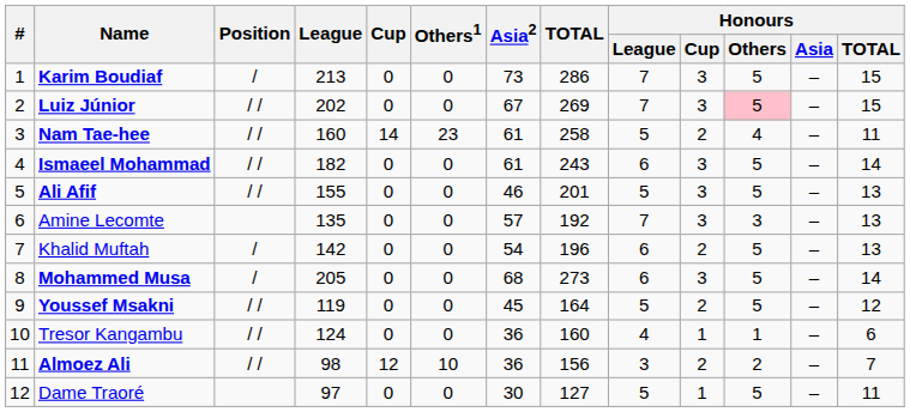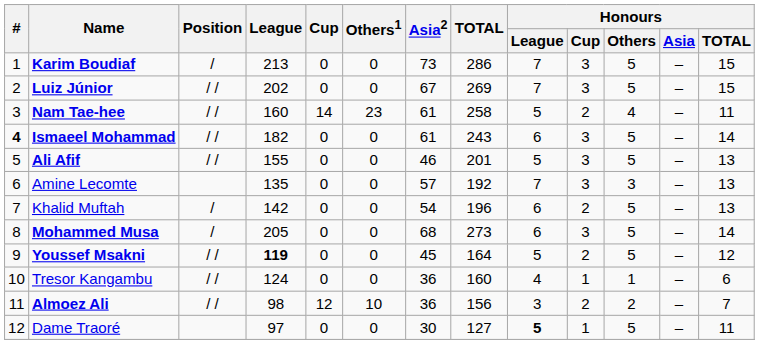 <table class="wikitable plainrowheaders sortable" style="text-align:center;font-size:90%">
 <tr>
 <th rowspan=2>#</th>
 <th rowspan=2>Name</th>
 <th rowspan=2>Position</th>
 <th rowspan=2>League</th>
 <th rowspan=2>Cup</th>
 <th rowspan=2>Others<sup>1</sup><br></th>
 <th rowspan=2><a href='#'>Asia</a><sup>2</sup><br></th>
 <th rowspan=2>TOTAL</th>
 <th colspan=6>Honours</th>
 </tr>
 <tr>
 <th>League</th>
 <th>Cup</th>
 <th>Others</th>
 <th><a href='#'>Asia</a></th>
 <th>TOTAL</th>
 </tr>
 <tr>
 <td>1</td>
 <td align="left"> <strong><a href='#'>Karim Boudiaf</a></strong></td>
 <td> / </td>
 <td>213</td>
 <td>0</td>
 <td>0</td>
 <td>73</td>
 <td>286</td>
 <td>7</td>
 <td>3</td>
 <td>5</td>
 <td>–</td>
 <td>15</td>
 </tr>
 <tr>
 <td>2</td>
 <td align="left"> <strong><a href='#'>Luiz Júnior</a></strong></td>
 <td> /  / </td>
 <td>202</td>
 <td>0</td>
 <td>0</td>
 <td>67</td>
 <td>269</td>
 <td>7</td>
 <td>3</td>
-<td style="background: pink;">5</td>
+<td>5</td>
 <td>–</td>
 <td>15</td>
 </tr>
 <tr>
 <td>3</td>
 <td align="left"> <strong><a href='#'>Nam Tae-hee</a></strong></td>
 <td> /  / </td>
 <td>160</td>
 <td>14</td>
 <td>23</td>
 <td>61</td>
 <td>258</td>
 <td>5</td>
 <td>2</td>
 <td>4</td>
 <td>–</td>
 <td>11</td>
 </tr>
 <tr>
-<td>4</td>
+<td><strong>4</strong></td>
 <td align="left"> <strong><a href='#'>Ismaeel Mohammad</a></strong></td>
 <td> /  / </td>
 <td>182</td>
 <td>0</td>
 <td>0</td>
 <td>61</td>
 <td>243</td>
 <td>6</td>
 <td>3</td>
 <td>5</td>
 <td>–</td>
 <td>14</td>
 </tr>
 <tr>
 <td>5</td>
 <td align="left"> <strong><a href='#'>Ali Afif</a></strong></td>
 <td> /  / </td>
 <td>155</td>
 <td>0</td>
 <td>0</td>
 <td>46</td>
 <td>201</td>
 <td>5</td>
 <td>3</td>
 <td>5</td>
 <td>–</td>
 <td>13</td>
 </tr>
 <tr>
 <td>6</td>
 <td align="left"> <a href='#'>Amine Lecomte</a></td>
 <td></td>
 <td>135</td>
 <td>0</td>
 <td>0</td>
 <td>57</td>
 <td>192</td>
 <td>7</td>
 <td>3</td>
 <td>3</td>
 <td>–</td>
 <td>13</td>
 </tr>
 <tr>
 <td>7</td>
 <td align="left"> <a href='#'>Khalid Muftah</a></td>
 <td> / </td>
 <td>142</td>
 <td>0</td>
 <td>0</td>
 <td>54</td>
 <td>196</td>
 <td>6</td>
 <td>2</td>
 <td>5</td>
 <td>–</td>
 <td>13</td>
 </tr>
 <tr>
 <td>8</td>
 <td align="left"> <strong><a href='#'>Mohammed Musa</a></strong></td>
 <td> / </td>
 <td>205</td>
 <td>0</td>
 <td>0</td>
 <td>68</td>
 <td>273</td>
 <td>6</td>
 <td>3</td>
 <td>5</td>
 <td>–</td>
 <td>14</td>
 </tr>
 <tr>
 <td>9</td>
 <td align="left"> <strong><a href='#'>Youssef Msakni</a></strong></td>
 <td> /  / </td>
-<td>119</td>
+<td><strong>119</strong></td>
 <td>0</td>
 <td>0</td>
 <td>45</td>
 <td>164</td>
 <td>5</td>
 <td>2</td>
 <td>5</td>
 <td>–</td>
 <td>12</td>
 </tr>
 <tr>
 <td>10</td>
 <td align="left"> <a href='#'>Tresor Kangambu</a></td>
 <td> /  / </td>
 <td>124</td>
 <td>0</td>
 <td>0</td>
 <td>36</td>
 <td>160</td>
 <td>4</td>
 <td>1</td>
 <td>1</td>
 <td>–</td>
 <td>6</td>
 </tr>
 <tr>
 <td>11</td>
 <td align="left"> <strong><a href='#'>Almoez Ali</a></strong></td>
 <td> /  / </td>
 <td>98</td>
 <td>12</td>
 <td>10</td>
 <td>36</td>
 <td>156</td>
 <td>3</td>
 <td>2</td>
 <td>2</td>
 <td>–</td>
 <td>7</td>
 </tr>
 <tr>
 <td>12</td>
 <td align="left"> <a href='#'>Dame Traoré</a></td>
 <td></td>
 <td>97</td>
 <td>0</td>
 <td>0</td>
 <td>30</td>
 <td>127</td>
-<td>5</td>
+<td><strong>5</strong></td>
 <td>1</td>
 <td>5</td>
 <td>–</td>
 <td>11</td>
 </tr>
 <tr>
 </tr>
 </table>
